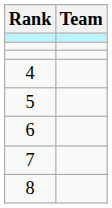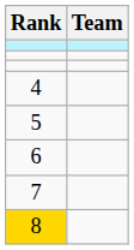 <table class=wikitable style="text-align:center;">
 <tr>
 <th>Rank</th>
 <th>Team</th>
 </tr>
 <tr bgcolor=bbf3ff>
 <td></td>
 <td align=left></td>
 </tr>
 <tr>
 <td></td>
 <td align=left></td>
 </tr>
 <tr>
 <td></td>
 <td align=left></td>
 </tr>
 <tr>
 <td>4</td>
 <td align=left></td>
 </tr>
 <tr>
 <td>5</td>
 <td align=left></td>
 </tr>
 <tr>
 <td>6</td>
 <td align=left></td>
 </tr>
 <tr>
 <td>7</td>
 <td align=left></td>
 </tr>
 <tr>
-<td>8</td>
+<td style="background: gold;">8</td>
 <td align=left></td>
 </tr>
 </table>
